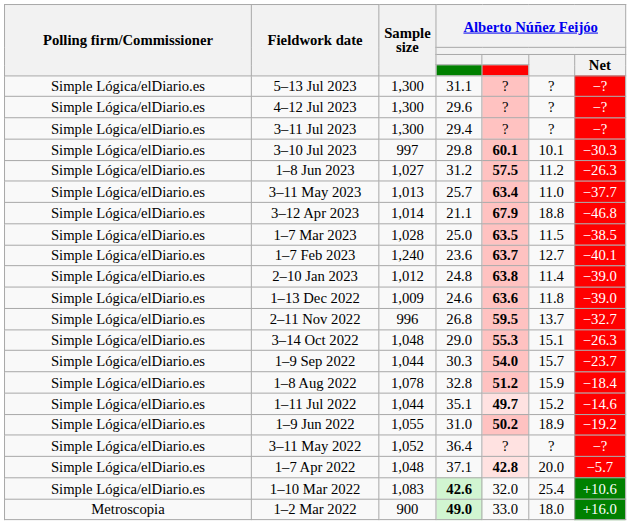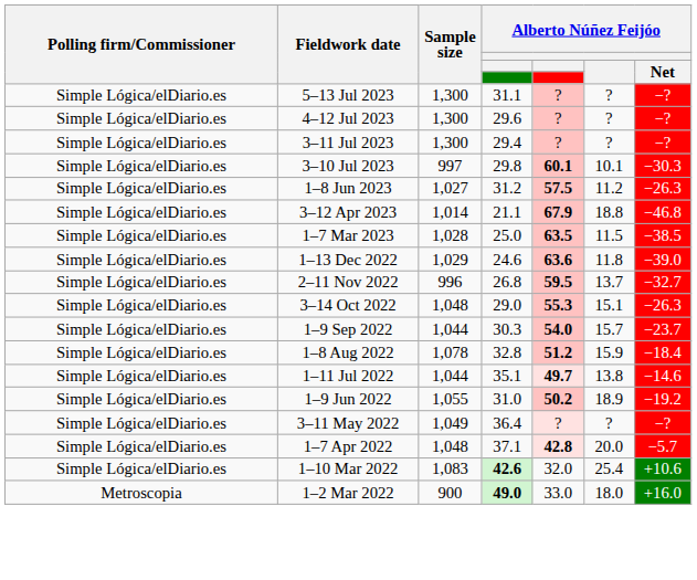 <table class="wikitable collapsible collapsed" style="text-align:center; font-size:90%; line-height:14px;">
 <tr style="height:42px;">
 <th style="width:250px;" rowspan="4">Polling firm/Commissioner</th>
 <th style="width:125px;" rowspan="4">Fieldwork date</th>
 <th style="width:50px;" rowspan="4">Sample size</th>
 <th style="width:185px;" colspan="4"><a href='#'>Alberto Núñez Feijóo</a><br></th>
 </tr>
 <tr>
 <th colspan="4" style="background:"></th>
 </tr>
 <tr>
 <th style="width:30px;"></th>
 <th style="width:30px;"></th>
 <th style="width:30px;" rowspan="2"></th>
 <th style="width:30px;" rowspan="2">Net</th>
 </tr>
 <tr>
 <th style="color:inherit;background:#008000;"></th>
 <th style="color:inherit;background:#FF0000;"></th>
 </tr>
 <tr>
 <td>Simple Lógica/elDiario.es</td>
 <td>5–13 Jul 2023</td>
 <td>1,300</td>
 <td>31.1</td>
 <td style="background:#FFC2C1;">?</td>
 <td>?</td>
 <td style="background:#FF0000; color:white;">−?</td>
 </tr>
 <tr>
 <td>Simple Lógica/elDiario.es</td>
 <td>4–12 Jul 2023</td>
 <td>1,300</td>
 <td>29.6</td>
 <td style="background:#FFC2C1;">?</td>
 <td>?</td>
 <td style="background:#FF0000; color:white;">−?</td>
 </tr>
 <tr>
 <td>Simple Lógica/elDiario.es</td>
 <td>3–11 Jul 2023</td>
 <td>1,300</td>
 <td>29.4</td>
 <td style="background:#FFC2C1;">?</td>
 <td>?</td>
 <td style="background:#FF0000; color:white;">−?</td>
 </tr>
 <tr>
 <td>Simple Lógica/elDiario.es</td>
 <td>3–10 Jul 2023</td>
 <td>997</td>
 <td>29.8</td>
 <td style="background:#FFC2C1;"><strong>60.1</strong></td>
 <td>10.1</td>
 <td style="background:#FF0000; color:white;">−30.3</td>
 </tr>
 <tr>
 <td>Simple Lógica/elDiario.es</td>
 <td>1–8 Jun 2023</td>
 <td>1,027</td>
 <td>31.2</td>
 <td style="background:#FFC2C1;"><strong>57.5</strong></td>
 <td>11.2</td>
 <td style="background:#FF0000; color:white;">−26.3</td>
 </tr>
 <tr>
 <td>Simple Lógica/elDiario.es</td>
-<td>3–11 May 2023</td>
-<td>1,013</td>
-<td>25.7</td>
-<td style="background:#FFC2C1;"><strong>63.4</strong></td>
-<td>11.0</td>
-<td style="background:#FF0000; color:white;">−37.7</td>
-</tr>
-<tr>
-<td>Simple Lógica/elDiario.es</td>
 <td>3–12 Apr 2023</td>
 <td>1,014</td>
 <td>21.1</td>
 <td style="background:#FFC2C1;"><strong>67.9</strong></td>
 <td>18.8</td>
 <td style="background:#FF0000; color:white;">−46.8</td>
 </tr>
 <tr>
 <td>Simple Lógica/elDiario.es</td>
 <td>1–7 Mar 2023</td>
 <td>1,028</td>
 <td>25.0</td>
 <td style="background:#FFC2C1;"><strong>63.5</strong></td>
 <td>11.5</td>
 <td style="background:#FF0000; color:white;">−38.5</td>
 </tr>
 <tr>
 <td>Simple Lógica/elDiario.es</td>
-<td>1–7 Feb 2023</td>
-<td>1,240</td>
-<td>23.6</td>
-<td style="background:#FFC2C1;"><strong>63.7</strong></td>
-<td>12.7</td>
-<td style="background:#FF0000; color:white;">−40.1</td>
-</tr>
-<tr>
-<td>Simple Lógica/elDiario.es</td>
-<td>2–10 Jan 2023</td>
-<td>1,012</td>
-<td>24.8</td>
-<td style="background:#FFC2C1;"><strong>63.8</strong></td>
-<td>11.4</td>
-<td style="background:#FF0000; color:white;">−39.0</td>
-</tr>
-<tr>
-<td>Simple Lógica/elDiario.es</td>
 <td>1–13 Dec 2022</td>
-<td>1,009</td>
+<td>1,029</td>
 <td>24.6</td>
 <td style="background:#FFC2C1;"><strong>63.6</strong></td>
 <td>11.8</td>
 <td style="background:#FF0000; color:white;">−39.0</td>
 </tr>
 <tr>
 <td>Simple Lógica/elDiario.es</td>
 <td>2–11 Nov 2022</td>
 <td>996</td>
 <td>26.8</td>
 <td style="background:#FFC2C1;"><strong>59.5</strong></td>
 <td>13.7</td>
 <td style="background:#FF0000; color:white;">−32.7</td>
 </tr>
 <tr>
 <td>Simple Lógica/elDiario.es</td>
 <td>3–14 Oct 2022</td>
 <td>1,048</td>
 <td>29.0</td>
 <td style="background:#FFC2C1;"><strong>55.3</strong></td>
 <td>15.1</td>
 <td style="background:#FF0000; color:white;">−26.3</td>
 </tr>
 <tr>
 <td>Simple Lógica/elDiario.es</td>
 <td>1–9 Sep 2022</td>
 <td>1,044</td>
 <td>30.3</td>
 <td style="background:#FFC2C1;"><strong>54.0</strong></td>
 <td>15.7</td>
 <td style="background:#FF0000; color:white;">−23.7</td>
 </tr>
 <tr>
 <td>Simple Lógica/elDiario.es</td>
 <td>1–8 Aug 2022</td>
 <td>1,078</td>
 <td>32.8</td>
 <td style="background:#FFC2C1;"><strong>51.2</strong></td>
 <td>15.9</td>
 <td style="background:#FF0000; color:white;">−18.4</td>
 </tr>
 <tr>
 <td>Simple Lógica/elDiario.es</td>
 <td>1–11 Jul 2022</td>
 <td>1,044</td>
 <td>35.1</td>
 <td style="background:#FFE2E1;"><strong>49.7</strong></td>
-<td>15.2</td>
+<td>13.8</td>
 <td style="background:#FF0000; color:white;">−14.6</td>
 </tr>
 <tr>
 <td>Simple Lógica/elDiario.es</td>
 <td>1–9 Jun 2022</td>
 <td>1,055</td>
 <td>31.0</td>
 <td style="background:#FFC2C1;"><strong>50.2</strong></td>
 <td>18.9</td>
 <td style="background:#FF0000; color:white;">−19.2</td>
 </tr>
 <tr>
 <td>Simple Lógica/elDiario.es</td>
 <td>3–11 May 2022</td>
-<td>1,052</td>
+<td>1,049</td>
 <td>36.4</td>
 <td style="background:#FFE2E1;">?</td>
 <td>?</td>
 <td style="background:#FF0000; color:white;">−?</td>
 </tr>
 <tr>
 <td>Simple Lógica/elDiario.es</td>
 <td>1–7 Apr 2022</td>
 <td>1,048</td>
 <td>37.1</td>
 <td style="background:#FFE2E1;"><strong>42.8</strong></td>
 <td>20.0</td>
 <td style="background:#FF0000; color:white;">−5.7</td>
 </tr>
 <tr>
 <td>Simple Lógica/elDiario.es</td>
 <td>1–10 Mar 2022</td>
 <td>1,083</td>
 <td style="background:#D1F5D1;"><strong>42.6</strong></td>
 <td>32.0</td>
 <td>25.4</td>
 <td style="background:#008000; color:white;">+10.6</td>
 </tr>
 <tr>
 <td>Metroscopia</td>
 <td>1–2 Mar 2022</td>
 <td>900</td>
 <td style="background:#D1F5D1;"><strong>49.0</strong></td>
 <td>33.0</td>
 <td>18.0</td>
 <td style="background:#008000; color:white;">+16.0</td>
 </tr>
 </table>
